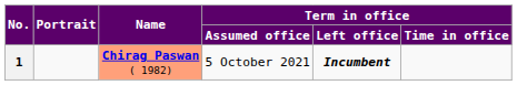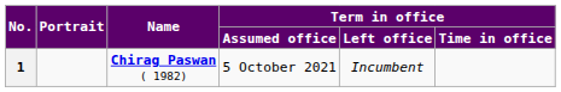 <table class="wikitable sortable" style="text-align:center;">
 <tr>
 <th rowspan=2 style="background-color:#5B006A;color:white">No.</th>
 <th rowspan=2 style="background-color:#5B006A;color:white">Portrait</th>
 <th rowspan=2 style="background-color:#5B006A;color:white">Name<br></th>
 <th colspan=3 style="background-color:#5B006A;color:white">Term in office</th>
 </tr>
 <tr>
 <th style="background-color:#5B006A;color:white">Assumed office</th>
 <th style="background-color:#5B006A;color:white">Left office</th>
 <th style="background-color:#5B006A;color:white">Time in office</th>
 </tr>
 <tr>
 <th>1</th>
 <td></td>
-<td style="background: lightsalmon;"><strong><a href='#'>Chirag Paswan</a></strong><br><small>( 1982)</small></td>
+<td><strong><a href='#'>Chirag Paswan</a></strong><br><small>( 1982)</small></td>
 <td>5 October 2021</td>
-<td><strong><em>Incumbent</em></strong></td>
+<td><em>Incumbent</em></td>
 <td></td>
 </tr>
 </table>
